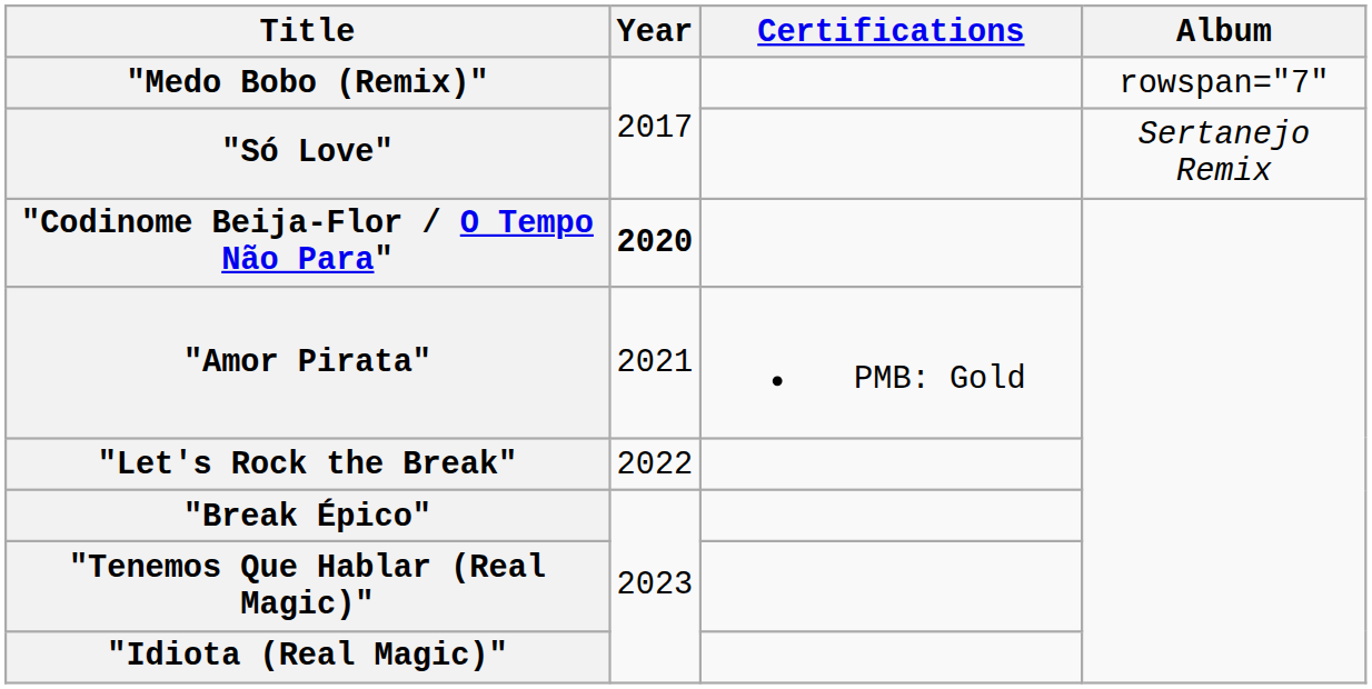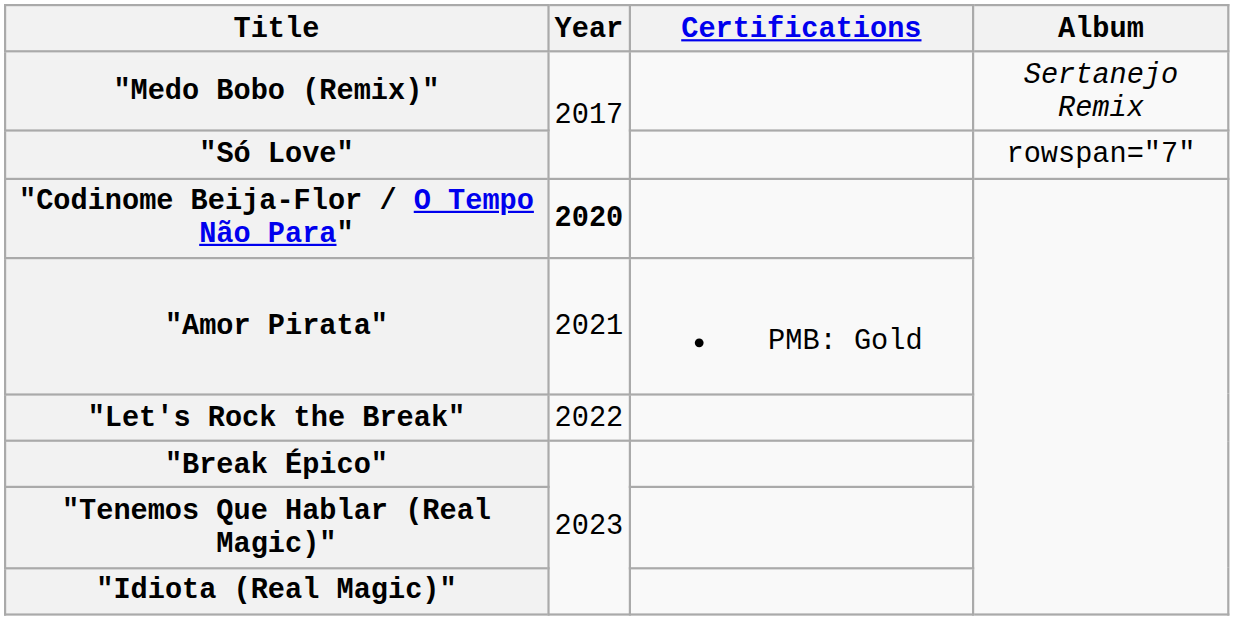 <table class="wikitable plainrowheaders" style="text-align:center;">
 <tr>
 <th scope="col" style="width:18.5em;">Title</th>
 <th scope="col">Year</th>
 <th scope="col" style="width:11.5em;"><a href='#'>Certifications</a></th>
 <th scope="col" style="width:8.5em;">Album</th>
 </tr>
 <tr>
 <th scope="row">"Medo Bobo (Remix)"<br></th>
 <td rowspan="2">2017</td>
 <td></td>
-<td>rowspan="7" </td>
+<td><em>Sertanejo Remix</em></td>
 </tr>
 <tr>
 <th scope="row">"Só Love"<br></th>
 <td></td>
-<td><em>Sertanejo Remix</em></td>
+<td>rowspan="7" </td>
 </tr>
 <tr>
 <th scope="row">"Codinome Beija-Flor / <a href='#'>O Tempo Não Para</a>"</th>
 <td><strong>2020</strong></td>
 <td></td>
 </tr>
 <tr>
 <th scope="row">"Amor Pirata"</th>
 <td>2021</td>
 <td><br><ul><li>PMB: Gold</li></ul></td>
 </tr>
 <tr>
 <th scope="row">"Let's Rock the Break"<br></th>
 <td>2022</td>
 <td></td>
 </tr>
 <tr>
 <th scope="row">"Break Épico"<br></th>
 <td rowspan="3">2023</td>
 <td></td>
 </tr>
 <tr>
 <th scope="row">"Tenemos Que Hablar (Real Magic)"<br></th>
 <td></td>
 </tr>
 <tr>
 <th scope="row">"Idiota (Real Magic)"<br></th>
 <td></td>
 </tr>
 </table>
